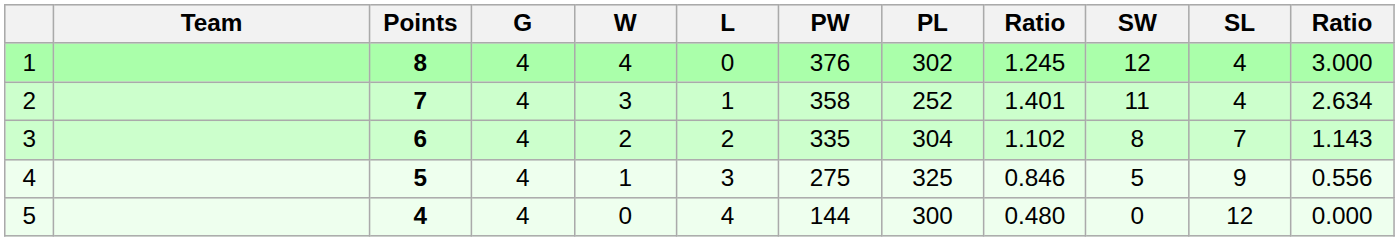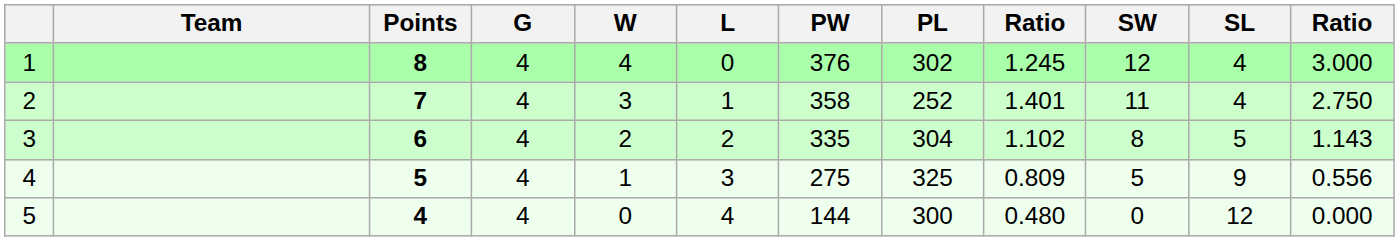 <table class=wikitable style="text-align:center">
 <tr bgcolor="#DCDCDC">
 <th width="25"></th>
 <th width="200">Team</th>
 <th width="60">Points</th>
 <th width="60">G</th>
 <th width="60">W</th>
 <th width="60">L</th>
 <th width="60">PW</th>
 <th width="60">PL</th>
 <th width="60">Ratio</th>
 <th width="60">SW</th>
 <th width="60">SL</th>
 <th width="60">Ratio</th>
 </tr>
 <tr bgcolor=#aaffaa>
 <td>1</td>
 <td align=left></td>
 <td><strong>8</strong></td>
 <td>4</td>
 <td>4</td>
 <td>0</td>
 <td>376</td>
 <td>302</td>
 <td>1.245</td>
 <td>12</td>
 <td>4</td>
 <td>3.000</td>
 </tr>
 <tr bgcolor=#ccffcc>
 <td>2</td>
 <td align=left></td>
 <td><strong>7</strong></td>
 <td>4</td>
 <td>3</td>
 <td>1</td>
 <td>358</td>
 <td>252</td>
 <td>1.401</td>
 <td>11</td>
 <td>4</td>
-<td>2.634</td>
+<td>2.750</td>
 </tr>
 <tr bgcolor=#ccffcc>
 <td>3</td>
 <td align=left></td>
 <td><strong>6</strong></td>
 <td>4</td>
 <td>2</td>
 <td>2</td>
 <td>335</td>
 <td>304</td>
 <td>1.102</td>
 <td>8</td>
-<td>7</td>
+<td>5</td>
 <td>1.143</td>
 </tr>
 <tr bgcolor=#eeffee>
 <td>4</td>
 <td align=left></td>
 <td><strong>5</strong></td>
 <td>4</td>
 <td>1</td>
 <td>3</td>
 <td>275</td>
 <td>325</td>
-<td>0.846</td>
+<td>0.809</td>
 <td>5</td>
 <td>9</td>
 <td>0.556</td>
 </tr>
 <tr bgcolor=#eeffee>
 <td>5</td>
 <td align=left></td>
 <td><strong>4</strong></td>
 <td>4</td>
 <td>0</td>
 <td>4</td>
 <td>144</td>
 <td>300</td>
 <td>0.480</td>
 <td>0</td>
 <td>12</td>
 <td>0.000</td>
 </tr>
 </table>
